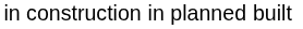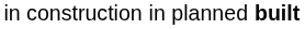 <table>
 <tr>
 <td colspan="2"></td>
 </tr>
 <tr>
 <td HI= bgcolor="#FFEBAD"><small>in construction</small></td>
 <td HI= bgcolor="#FFCBCB"><small>in planned</small></td>
-<td HI= bgcolor="#00FF00"><small>built</small></td>
+<td HI= bgcolor="#00FF00"><strong><small>built</small></strong></td>
 </tr>
 <tr>
 </tr>
 </table>
